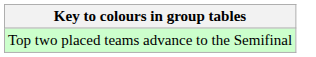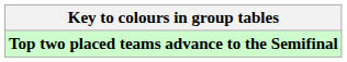 <table class="wikitable">
 <tr>
 <th>Key to colours in group tables</th>
 </tr>
 <tr bgcolor=#ccffcc>
-<td>Top two placed teams advance to the Semifinal</td>
+<td><strong>Top two placed teams advance to the Semifinal</strong></td>
 </tr>
 </table>
